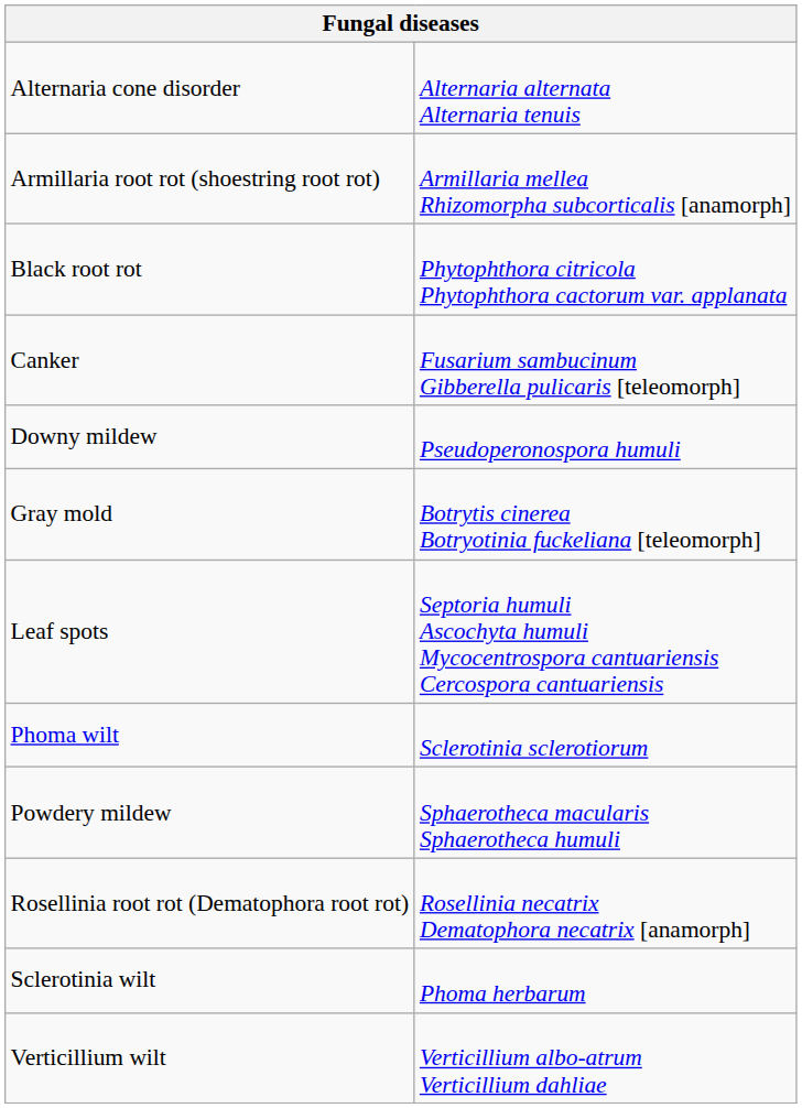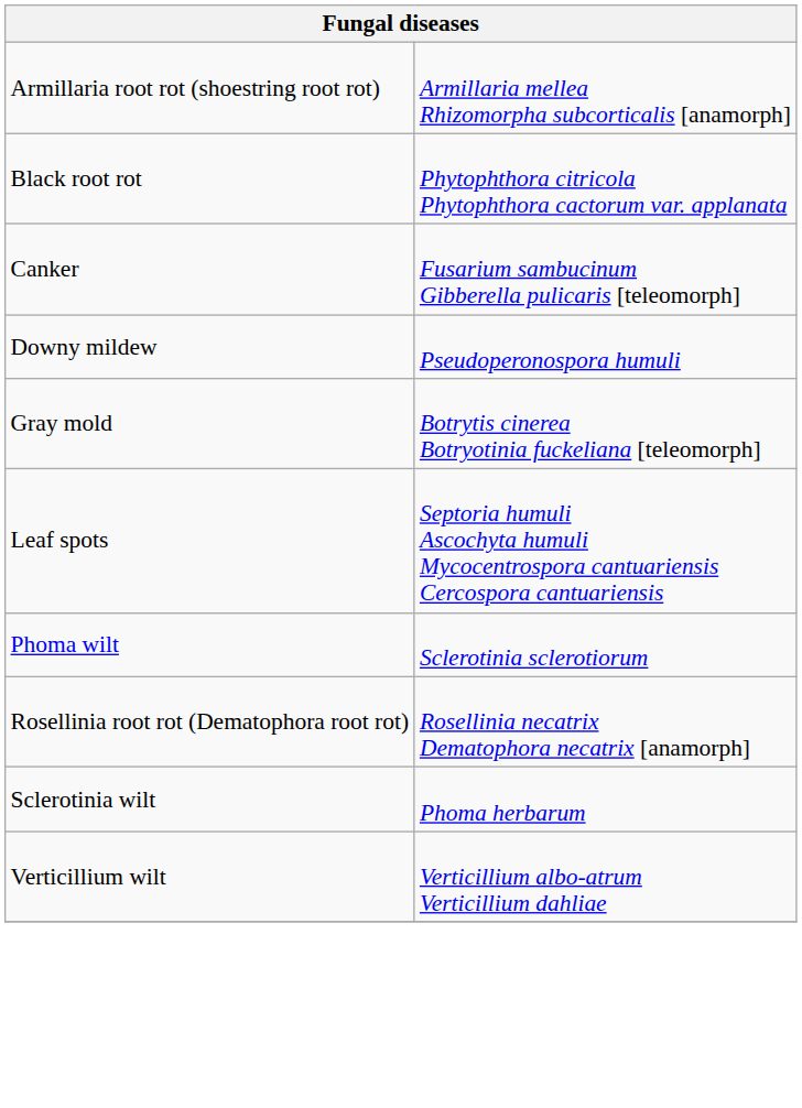 <table class="wikitable" style="clear">
 <tr>
 <th colspan=2><strong>Fungal diseases</strong><br></th>
-</tr>
-<tr>
-<td>Alternaria cone disorder</td>
-<td><br><em><a href='#'>Alternaria alternata</a></em> <br>  <em><a href='#'>Alternaria tenuis</a></em></td>
 </tr>
 <tr>
 <td>Armillaria root rot (shoestring root rot)</td>
 <td><br><em><a href='#'>Armillaria mellea</a></em><br> <em><a href='#'>Rhizomorpha subcorticalis</a></em> [anamorph]</td>
 </tr>
 <tr>
 <td>Black root rot</td>
 <td><br><em><a href='#'>Phytophthora citricola</a></em> <br>  <em><a href='#'>Phytophthora cactorum var. applanata</a></em></td>
 </tr>
 <tr>
 <td>Canker</td>
 <td><br><em><a href='#'>Fusarium sambucinum</a></em><br> <em><a href='#'>Gibberella pulicaris</a></em> [teleomorph]</td>
 </tr>
 <tr>
 <td>Downy mildew</td>
 <td><br><em><a href='#'>Pseudoperonospora humuli</a></em></td>
 </tr>
 <tr>
 <td>Gray mold</td>
 <td><br><em><a href='#'>Botrytis cinerea</a></em><br> <em><a href='#'>Botryotinia fuckeliana</a></em> [teleomorph]</td>
 </tr>
 <tr>
 <td>Leaf spots</td>
 <td><br><em><a href='#'>Septoria humuli</a></em> <br>  <em><a href='#'>Ascochyta humuli</a></em><br> <em><a href='#'>Mycocentrospora cantuariensis</a></em> <br>  <em><a href='#'>Cercospora cantuariensis</a></em></td>
 </tr>
 <tr>
 <td><a href='#'>Phoma wilt</a></td>
 <td><br><em><a href='#'>Sclerotinia sclerotiorum</a></em></td>
 </tr>
 <tr>
-<td>Powdery mildew</td>
-<td><br><em><a href='#'>Sphaerotheca macularis</a></em> <br>  <em><a href='#'>Sphaerotheca humuli</a></em></td>
-</tr>
-<tr>
 <td>Rosellinia root rot (Dematophora root rot)</td>
 <td><br><em><a href='#'>Rosellinia necatrix</a></em><br> <em><a href='#'>Dematophora necatrix</a></em> [anamorph]</td>
 </tr>
 <tr>
 <td>Sclerotinia wilt</td>
 <td><br><em><a href='#'>Phoma herbarum</a></em></td>
 </tr>
 <tr>
 <td>Verticillium wilt</td>
 <td><br><em><a href='#'>Verticillium albo-atrum</a></em><br> <em><a href='#'>Verticillium dahliae</a></em></td>
 </tr>
 <tr>
 </tr>
 </table>
